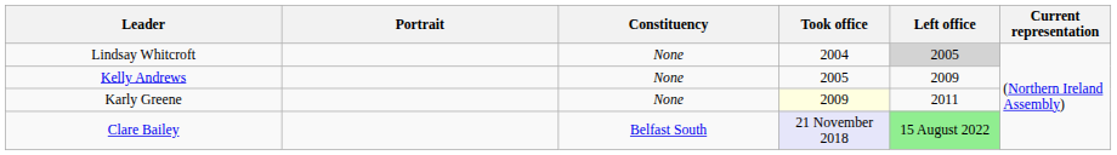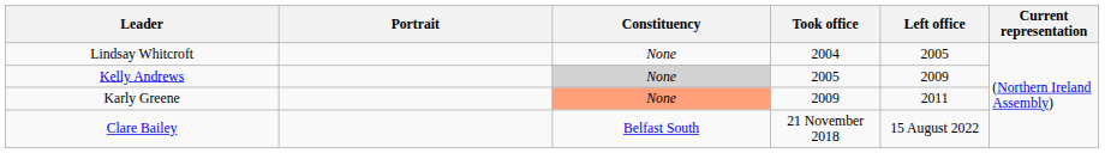 <table class="wikitable" style="text-align:center">
 <tr>
 <th style="width:25%;">Leader<br></th>
 <th width=60>Portrait</th>
 <th style="width:20%;">Constituency</th>
 <th style="width:10%;">Took office</th>
 <th style="width:10%;">Left office</th>
 <th style="width:10%;">Current representation</th>
 </tr>
 <tr>
 <td>Lindsay Whitcroft</td>
 <td></td>
 <td><em>None</em></td>
 <td>2004</td>
-<td style="background: lightgrey;">2005</td>
+<td>2005</td>
 <td rowspan=4 align=left> (<a href='#'>Northern Ireland Assembly</a>)</td>
 </tr>
 <tr>
 <td><a href='#'>Kelly Andrews</a></td>
 <td></td>
-<td><em>None</em></td>
+<td style="background: lightgrey;"><em>None</em></td>
 <td>2005</td>
 <td>2009</td>
 </tr>
 <tr>
 <td>Karly Greene</td>
 <td></td>
-<td><em>None</em></td>
-<td style="background: lightyellow;">2009</td>
+<td style="background: lightsalmon;"><em>None</em></td>
+<td>2009</td>
 <td>2011</td>
 </tr>
 <tr>
 <td><a href='#'>Clare Bailey</a><br></td>
 <td></td>
 <td><a href='#'>Belfast South</a> </td>
-<td style="background: lavender;">21 November 2018</td>
-<td style="background: lightgreen;">15 August 2022</td>
+<td>21 November 2018</td>
+<td>15 August 2022</td>
 </tr>
 </table>
